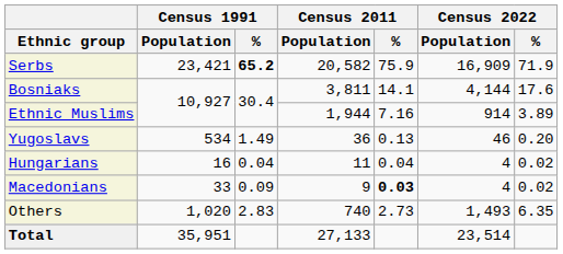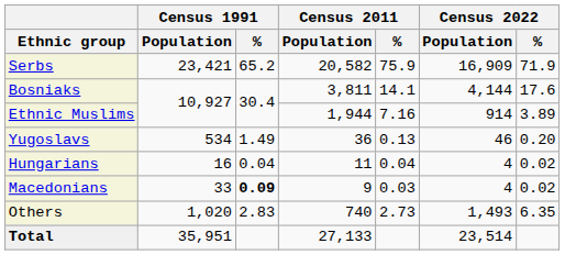 <table class="wikitable">
 <tr>
 <th></th>
 <th colspan="2">Census 1991</th>
 <th colspan="2">Census 2011</th>
 <th colspan="2">Census 2022</th>
 </tr>
 <tr>
 <th>Ethnic group</th>
 <th>Population</th>
 <th>%</th>
 <th>Population</th>
 <th>%</th>
 <th>Population</th>
 <th>%</th>
 </tr>
 <tr>
 <td style="background:#F5F5DC;"><a href='#'>Serbs</a></td>
 <td align="right">23,421</td>
-<td><strong>65.2</strong></td>
+<td>65.2</td>
 <td align="right">20,582</td>
 <td>75.9</td>
 <td align="right">16,909</td>
 <td>71.9</td>
 </tr>
 <tr>
 <td style="background:#F5F5DC;"><a href='#'>Bosniaks</a></td>
 <td rowspan="2" align="right">10,927</td>
 <td rowspan="2">30.4</td>
 <td align="right">3,811</td>
 <td>14.1</td>
 <td align="right">4,144</td>
 <td>17.6</td>
 </tr>
 <tr>
 <td style="background:#F5F5DC;"><a href='#'>Ethnic Muslims</a></td>
 <td align="right">1,944</td>
 <td>7.16</td>
 <td align="right">914</td>
 <td>3.89</td>
 </tr>
 <tr>
 <td style="background:#F5F5DC;"><a href='#'>Yugoslavs</a></td>
 <td align="right">534</td>
 <td>1.49</td>
 <td align="right">36</td>
 <td>0.13</td>
 <td align="right">46</td>
 <td>0.20</td>
 </tr>
 <tr>
 <td style="background:#F5F5DC;"><a href='#'>Hungarians</a></td>
 <td align="right">16</td>
 <td>0.04</td>
 <td align="right">11</td>
 <td>0.04</td>
 <td align="right">4</td>
 <td>0.02</td>
 </tr>
 <tr>
 <td style="background:#F5F5DC;"><a href='#'>Macedonians</a></td>
 <td align="right">33</td>
-<td>0.09</td>
+<td><strong>0.09</strong></td>
 <td align="right">9</td>
-<td><strong>0.03</strong></td>
+<td>0.03</td>
 <td align="right">4</td>
 <td>0.02</td>
 </tr>
 <tr>
 <td style="background:#F5F5DC;">Others</td>
 <td align="right">1,020</td>
 <td>2.83</td>
 <td align="right">740</td>
 <td>2.73</td>
 <td align="right">1,493</td>
 <td>6.35</td>
 </tr>
 <tr>
 <td style="background:#F0F0F0;"><strong>Total</strong></td>
 <td align="right">35,951</td>
 <td></td>
 <td align="right">27,133</td>
 <td></td>
 <td align="right">23,514</td>
 <td></td>
 </tr>
 </table>
